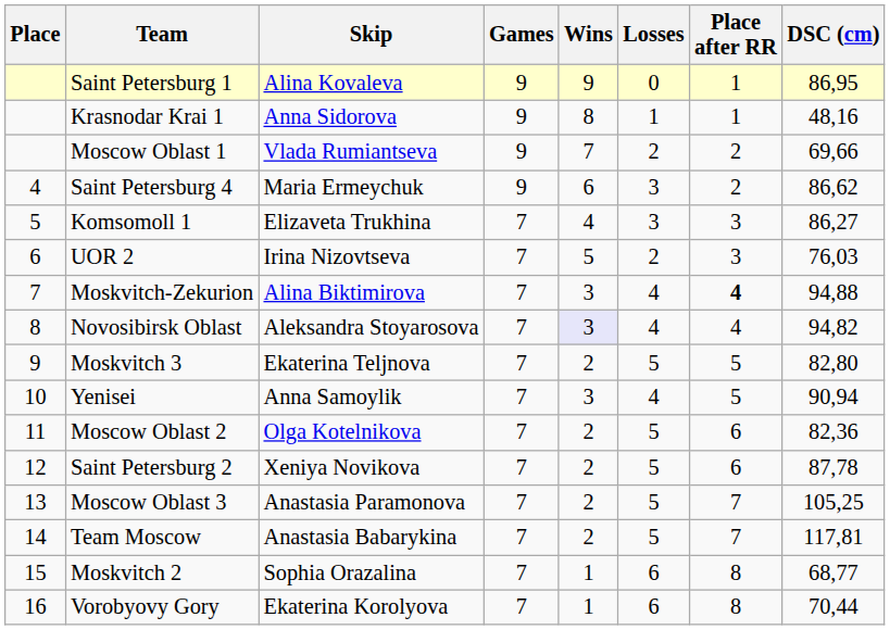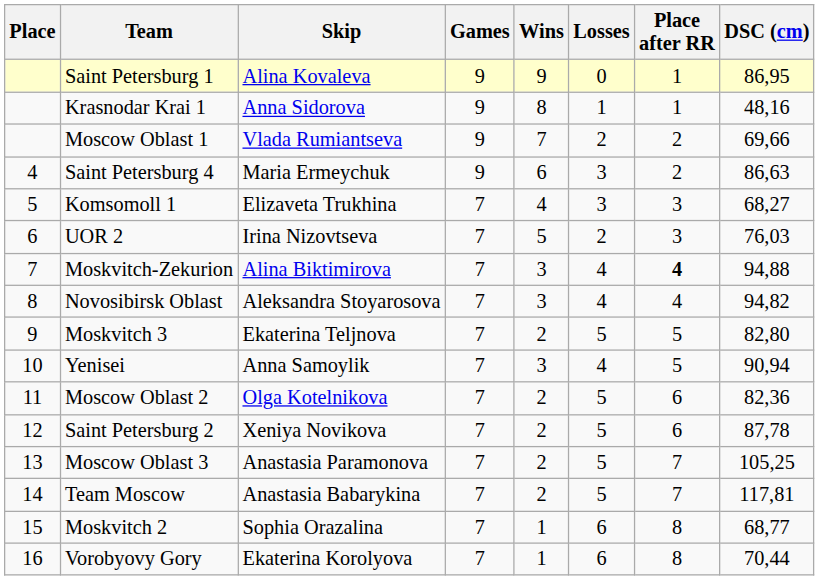 <table class="wikitable" style="text-align:center;">
 <tr>
 <th>Place</th>
 <th>Team</th>
 <th>Skip</th>
 <th>Games</th>
 <th>Wins</th>
 <th>Losses</th>
 <th>Place<br>after RR</th>
 <th>DSC (<a href='#'>cm</a>)</th>
 </tr>
 <tr bgcolor=#ffc>
 <td></td>
 <td align=left> Saint Petersburg 1</td>
 <td align=left><a href='#'>Alina Kovaleva</a></td>
 <td>9</td>
 <td>9</td>
 <td>0</td>
 <td>1</td>
 <td>86,95</td>
 </tr>
 <tr>
 <td></td>
 <td align=left> Krasnodar Krai 1</td>
 <td align=left><a href='#'>Anna Sidorova</a></td>
 <td>9</td>
 <td>8</td>
 <td>1</td>
 <td>1</td>
 <td>48,16</td>
 </tr>
 <tr>
 <td></td>
 <td align=left> Moscow Oblast 1</td>
 <td align=left><a href='#'>Vlada Rumiantseva</a></td>
 <td>9</td>
 <td>7</td>
 <td>2</td>
 <td>2</td>
 <td>69,66</td>
 </tr>
 <tr>
 <td>4</td>
 <td align=left> Saint Petersburg 4</td>
 <td align=left>Maria Ermeychuk</td>
 <td>9</td>
 <td>6</td>
 <td>3</td>
 <td>2</td>
-<td>86,62</td>
+<td>86,63</td>
 </tr>
 <tr>
 <td>5</td>
 <td align=left> Komsomoll 1</td>
 <td align="left">Elizaveta Trukhina</td>
 <td>7</td>
 <td>4</td>
 <td>3</td>
 <td>3</td>
-<td>86,27</td>
+<td>68,27</td>
 </tr>
 <tr>
 <td>6</td>
 <td align=left> UOR 2</td>
 <td align=left>Irina Nizovtseva</td>
 <td>7</td>
 <td>5</td>
 <td>2</td>
 <td>3</td>
 <td>76,03</td>
 </tr>
 <tr>
 <td>7</td>
 <td align=left> Moskvitch-Zekurion</td>
 <td align=left><a href='#'>Alina Biktimirova</a></td>
 <td>7</td>
 <td>3</td>
 <td>4</td>
 <td><strong>4</strong></td>
 <td>94,88</td>
 </tr>
 <tr>
 <td>8</td>
 <td align=left> Novosibirsk Oblast</td>
 <td align=left>Aleksandra Stoyarosova</td>
 <td>7</td>
-<td style="background: lavender;">3</td>
+<td>3</td>
 <td>4</td>
 <td>4</td>
 <td>94,82</td>
 </tr>
 <tr>
 <td>9</td>
 <td align=left> Moskvitch 3</td>
 <td align=left>Ekaterina Teljnova</td>
 <td>7</td>
 <td>2</td>
 <td>5</td>
 <td>5</td>
 <td>82,80</td>
 </tr>
 <tr>
 <td>10</td>
 <td align=left> Yenisei</td>
 <td align=left>Anna Samoylik</td>
 <td>7</td>
 <td>3</td>
 <td>4</td>
 <td>5</td>
 <td>90,94</td>
 </tr>
 <tr>
 <td>11</td>
 <td align=left> Moscow Oblast 2</td>
 <td align=left><a href='#'>Olga Kotelnikova</a></td>
 <td>7</td>
 <td>2</td>
 <td>5</td>
 <td>6</td>
 <td>82,36</td>
 </tr>
 <tr>
 <td>12</td>
 <td align=left> Saint Petersburg 2</td>
 <td align=left>Xeniya Novikova</td>
 <td>7</td>
 <td>2</td>
 <td>5</td>
 <td>6</td>
 <td>87,78</td>
 </tr>
 <tr>
 <td>13</td>
 <td align=left> Moscow Oblast 3</td>
 <td align=left>Anastasia Paramonova</td>
 <td>7</td>
 <td>2</td>
 <td>5</td>
 <td>7</td>
 <td>105,25</td>
 </tr>
 <tr>
 <td>14</td>
 <td align=left> Team Moscow</td>
 <td align=left>Anastasia Babarykina</td>
 <td>7</td>
 <td>2</td>
 <td>5</td>
 <td>7</td>
 <td>117,81</td>
 </tr>
 <tr>
 <td>15</td>
 <td align=left> Moskvitch 2</td>
 <td align=left>Sophia Orazalina</td>
 <td>7</td>
 <td>1</td>
 <td>6</td>
 <td>8</td>
 <td>68,77</td>
 </tr>
 <tr>
 <td>16</td>
 <td align=left> Vorobyovy Gory</td>
 <td align=left>Ekaterina Korolyova</td>
 <td>7</td>
 <td>1</td>
 <td>6</td>
 <td>8</td>
 <td>70,44</td>
 </tr>
 </table>
